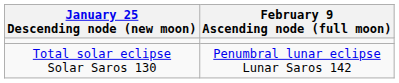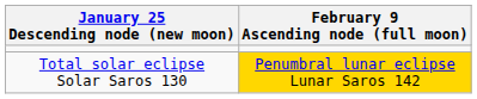 <table class="wikitable">
 <tr>
 <th><a href='#'>January 25</a><br>Descending node (new moon)</th>
 <th>February 9<br>Ascending node (full moon)</th>
 </tr>
 <tr>
 <td></td>
 <td></td>
 </tr>
 <tr align=center>
 <td><a href='#'>Total solar eclipse</a><br>Solar Saros 130</td>
-<td><a href='#'>Penumbral lunar eclipse</a><br>Lunar Saros 142</td>
+<td style="background: gold;"><a href='#'>Penumbral lunar eclipse</a><br>Lunar Saros 142</td>
 </tr>
 </table>
